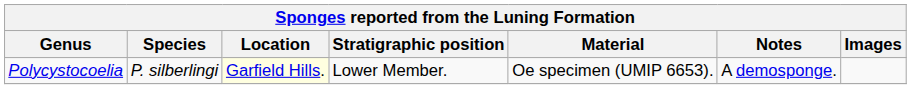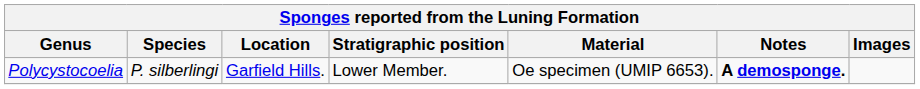 <table class="wikitable" align="center">
 <tr>
 <th colspan="7" align="center"><strong><a href='#'>Sponges</a> reported from the Luning Formation</strong></th>
 </tr>
 <tr>
 <th>Genus</th>
 <th>Species</th>
 <th><strong>Location</strong></th>
 <th>Stratigraphic position</th>
 <th><strong>Material</strong></th>
 <th>Notes</th>
 <th>Images</th>
 </tr>
 <tr>
 <td><em><a href='#'>Polycystocoelia</a></em></td>
 <td><em>P. silberlingi</em></td>
-<td style="background: lightyellow;"><a href='#'>Garfield Hills</a>.</td>
+<td><a href='#'>Garfield Hills</a>.</td>
 <td>Lower Member.</td>
 <td>Oe specimen (UMIP 6653).</td>
-<td>A <a href='#'>demosponge</a>.</td>
+<td><strong>A <a href='#'>demosponge</a>.</strong></td>
 <td></td>
 </tr>
 <tr>
 </tr>
 </table>
